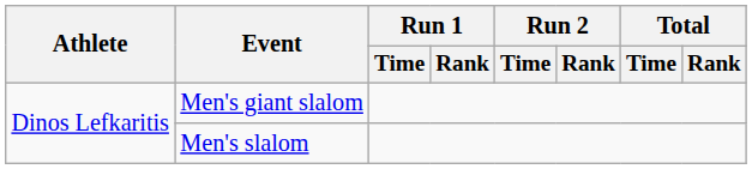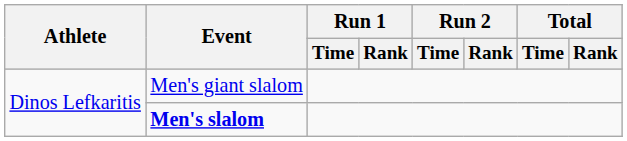 <table class="wikitable" style="font-size:90%">
 <tr>
 <th rowspan=2>Athlete</th>
 <th rowspan=2>Event</th>
 <th colspan=2>Run 1</th>
 <th colspan=2>Run 2</th>
 <th colspan=2>Total</th>
 </tr>
 <tr style="font-size:95%">
 <th>Time</th>
 <th>Rank</th>
 <th>Time</th>
 <th>Rank</th>
 <th>Time</th>
 <th>Rank</th>
 </tr>
 <tr align=center>
 <td rowspan=2 align="left"><a href='#'>Dinos Lefkaritis</a></td>
 <td align="left"><a href='#'>Men's giant slalom</a></td>
 <td colspan=6></td>
 </tr>
 <tr align=center>
-<td align="left"><a href='#'>Men's slalom</a></td>
+<td align="left"><strong><a href='#'>Men's slalom</a></strong></td>
 <td colspan=6></td>
 </tr>
 </table>
